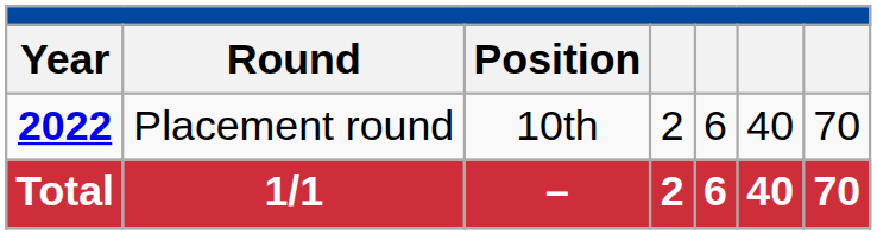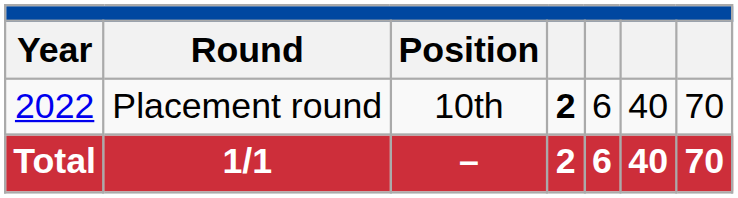 <table class="wikitable" style="text-align: center;">
 <tr>
 <th style="background:#0047A0;" colspan="7"><a href='#'></a></th>
 </tr>
 <tr>
 <th>Year</th>
 <th>Round</th>
 <th>Position</th>
 <th></th>
 <th></th>
 <th></th>
 <th></th>
 </tr>
 <tr>
-<td><strong> <a href='#'>2022</a></strong></td>
+<td> <a href='#'>2022</a></td>
 <td>Placement round</td>
 <td>10th</td>
-<td>2</td>
+<td><strong>2</strong></td>
 <td>6</td>
 <td>40</td>
 <td>70</td>
 </tr>
 <tr>
 <th style="color:white; background:#CD2E3A;">Total</th>
 <th style="color:white; background:#CD2E3A;">1/1</th>
 <th style="color:white; background:#CD2E3A;">–</th>
 <th style="color:white; background:#CD2E3A;">2</th>
 <th style="color:white; background:#CD2E3A;">6</th>
 <th style="color:white; background:#CD2E3A;">40</th>
 <th style="color:white; background:#CD2E3A;">70</th>
 </tr>
 </table>
